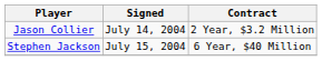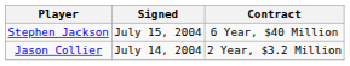 <table class="wikitable sortable sortable" style="text-align: center;">
 <tr>
 <th>Player</th>
 <th>Signed</th>
 <th>Contract</th>
 </tr>
 <tr>
+<td><a href='#'>Stephen Jackson</a></td>
+<td>July 15, 2004</td>
+<td>6 Year, $40 Million</td>
+</tr>
+<tr>
 <td><a href='#'>Jason Collier</a></td>
 <td>July 14, 2004</td>
 <td>2 Year, $3.2 Million</td>
 </tr>
 <tr>
-<td><a href='#'>Stephen Jackson</a></td>
-<td>July 15, 2004</td>
-<td>6 Year, $40 Million</td>
-</tr>
-<tr>
 </tr>
 </table>
